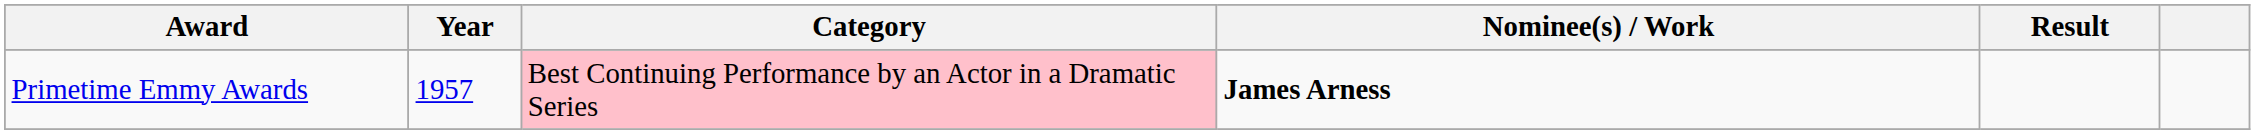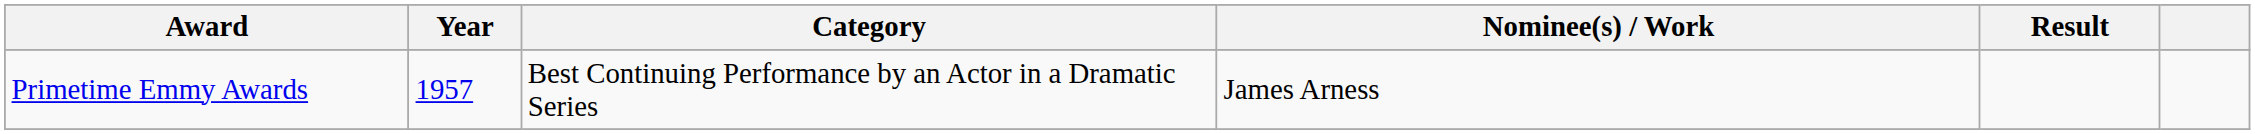 <table class="wikitable sortable plainrowheaders">
 <tr>
 <th scope="col" style="width:18%;">Award</th>
 <th scope="col" style="width:5%;">Year</th>
 <th scope="col" style="width:31%;">Category</th>
 <th scope="col" style="width:34%;">Nominee(s) / Work</th>
 <th scope="col" style="width:8%;">Result</th>
 <th scope="col" style="width:4%;" class="unsortable"></th>
 </tr>
 <tr>
 <td><a href='#'>Primetime Emmy Awards</a></td>
 <td rowspan="5"><a href='#'>1957</a></td>
-<td style="background: pink;">Best Continuing Performance by an Actor in a Dramatic Series</td>
-<td><strong>James Arness</strong></td>
+<td>Best Continuing Performance by an Actor in a Dramatic Series</td>
+<td>James Arness</td>
 <td></td>
 <td style="text-align:center;"></td>
 </tr>
 </table>
